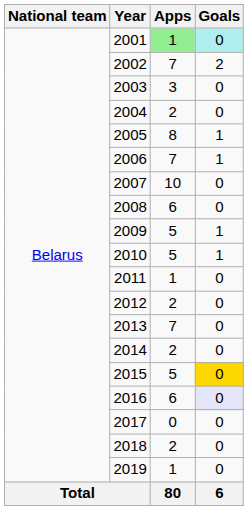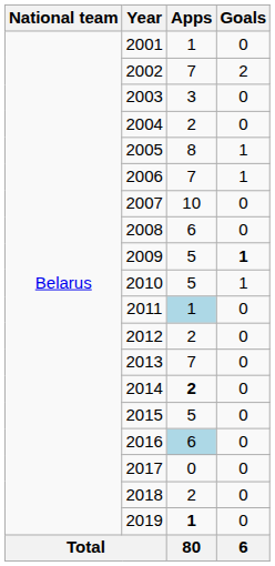 <table class="wikitable" style="text-align:center">
 <tr>
 <th>National team</th>
 <th>Year</th>
 <th>Apps</th>
 <th>Goals</th>
 </tr>
 <tr>
 <td rowspan="19"><a href='#'>Belarus</a></td>
 <td>2001</td>
-<td style="background: lightgreen;">1</td>
-<td style="background: paleturquoise;">0</td>
+<td>1</td>
+<td>0</td>
 </tr>
 <tr>
 <td>2002</td>
 <td>7</td>
 <td>2</td>
 </tr>
 <tr>
 <td>2003</td>
 <td>3</td>
 <td>0</td>
 </tr>
 <tr>
 <td>2004</td>
 <td>2</td>
 <td>0</td>
 </tr>
 <tr>
 <td>2005</td>
 <td>8</td>
 <td>1</td>
 </tr>
 <tr>
 <td>2006</td>
 <td>7</td>
 <td>1</td>
 </tr>
 <tr>
 <td>2007</td>
 <td>10</td>
 <td>0</td>
 </tr>
 <tr>
 <td>2008</td>
 <td>6</td>
 <td>0</td>
 </tr>
 <tr>
 <td>2009</td>
 <td>5</td>
-<td>1</td>
+<td><strong>1</strong></td>
 </tr>
 <tr>
 <td>2010</td>
 <td>5</td>
 <td>1</td>
 </tr>
 <tr>
 <td>2011</td>
-<td>1</td>
+<td style="background: lightblue;">1</td>
 <td>0</td>
 </tr>
 <tr>
 <td>2012</td>
 <td>2</td>
 <td>0</td>
 </tr>
 <tr>
 <td>2013</td>
 <td>7</td>
 <td>0</td>
 </tr>
 <tr>
 <td>2014</td>
-<td>2</td>
+<td><strong>2</strong></td>
 <td>0</td>
 </tr>
 <tr>
 <td>2015</td>
 <td>5</td>
-<td style="background: gold;">0</td>
+<td>0</td>
 </tr>
 <tr>
 <td>2016</td>
-<td>6</td>
-<td style="background: lavender;">0</td>
+<td style="background: lightblue;">6</td>
+<td>0</td>
 </tr>
 <tr>
 <td>2017</td>
 <td>0</td>
 <td>0</td>
 </tr>
 <tr>
 <td>2018</td>
 <td>2</td>
 <td>0</td>
 </tr>
 <tr>
 <td>2019</td>
-<td>1</td>
+<td><strong>1</strong></td>
 <td>0</td>
 </tr>
 <tr>
 <th colspan="2">Total</th>
 <th>80</th>
 <th>6</th>
 </tr>
 </table>
